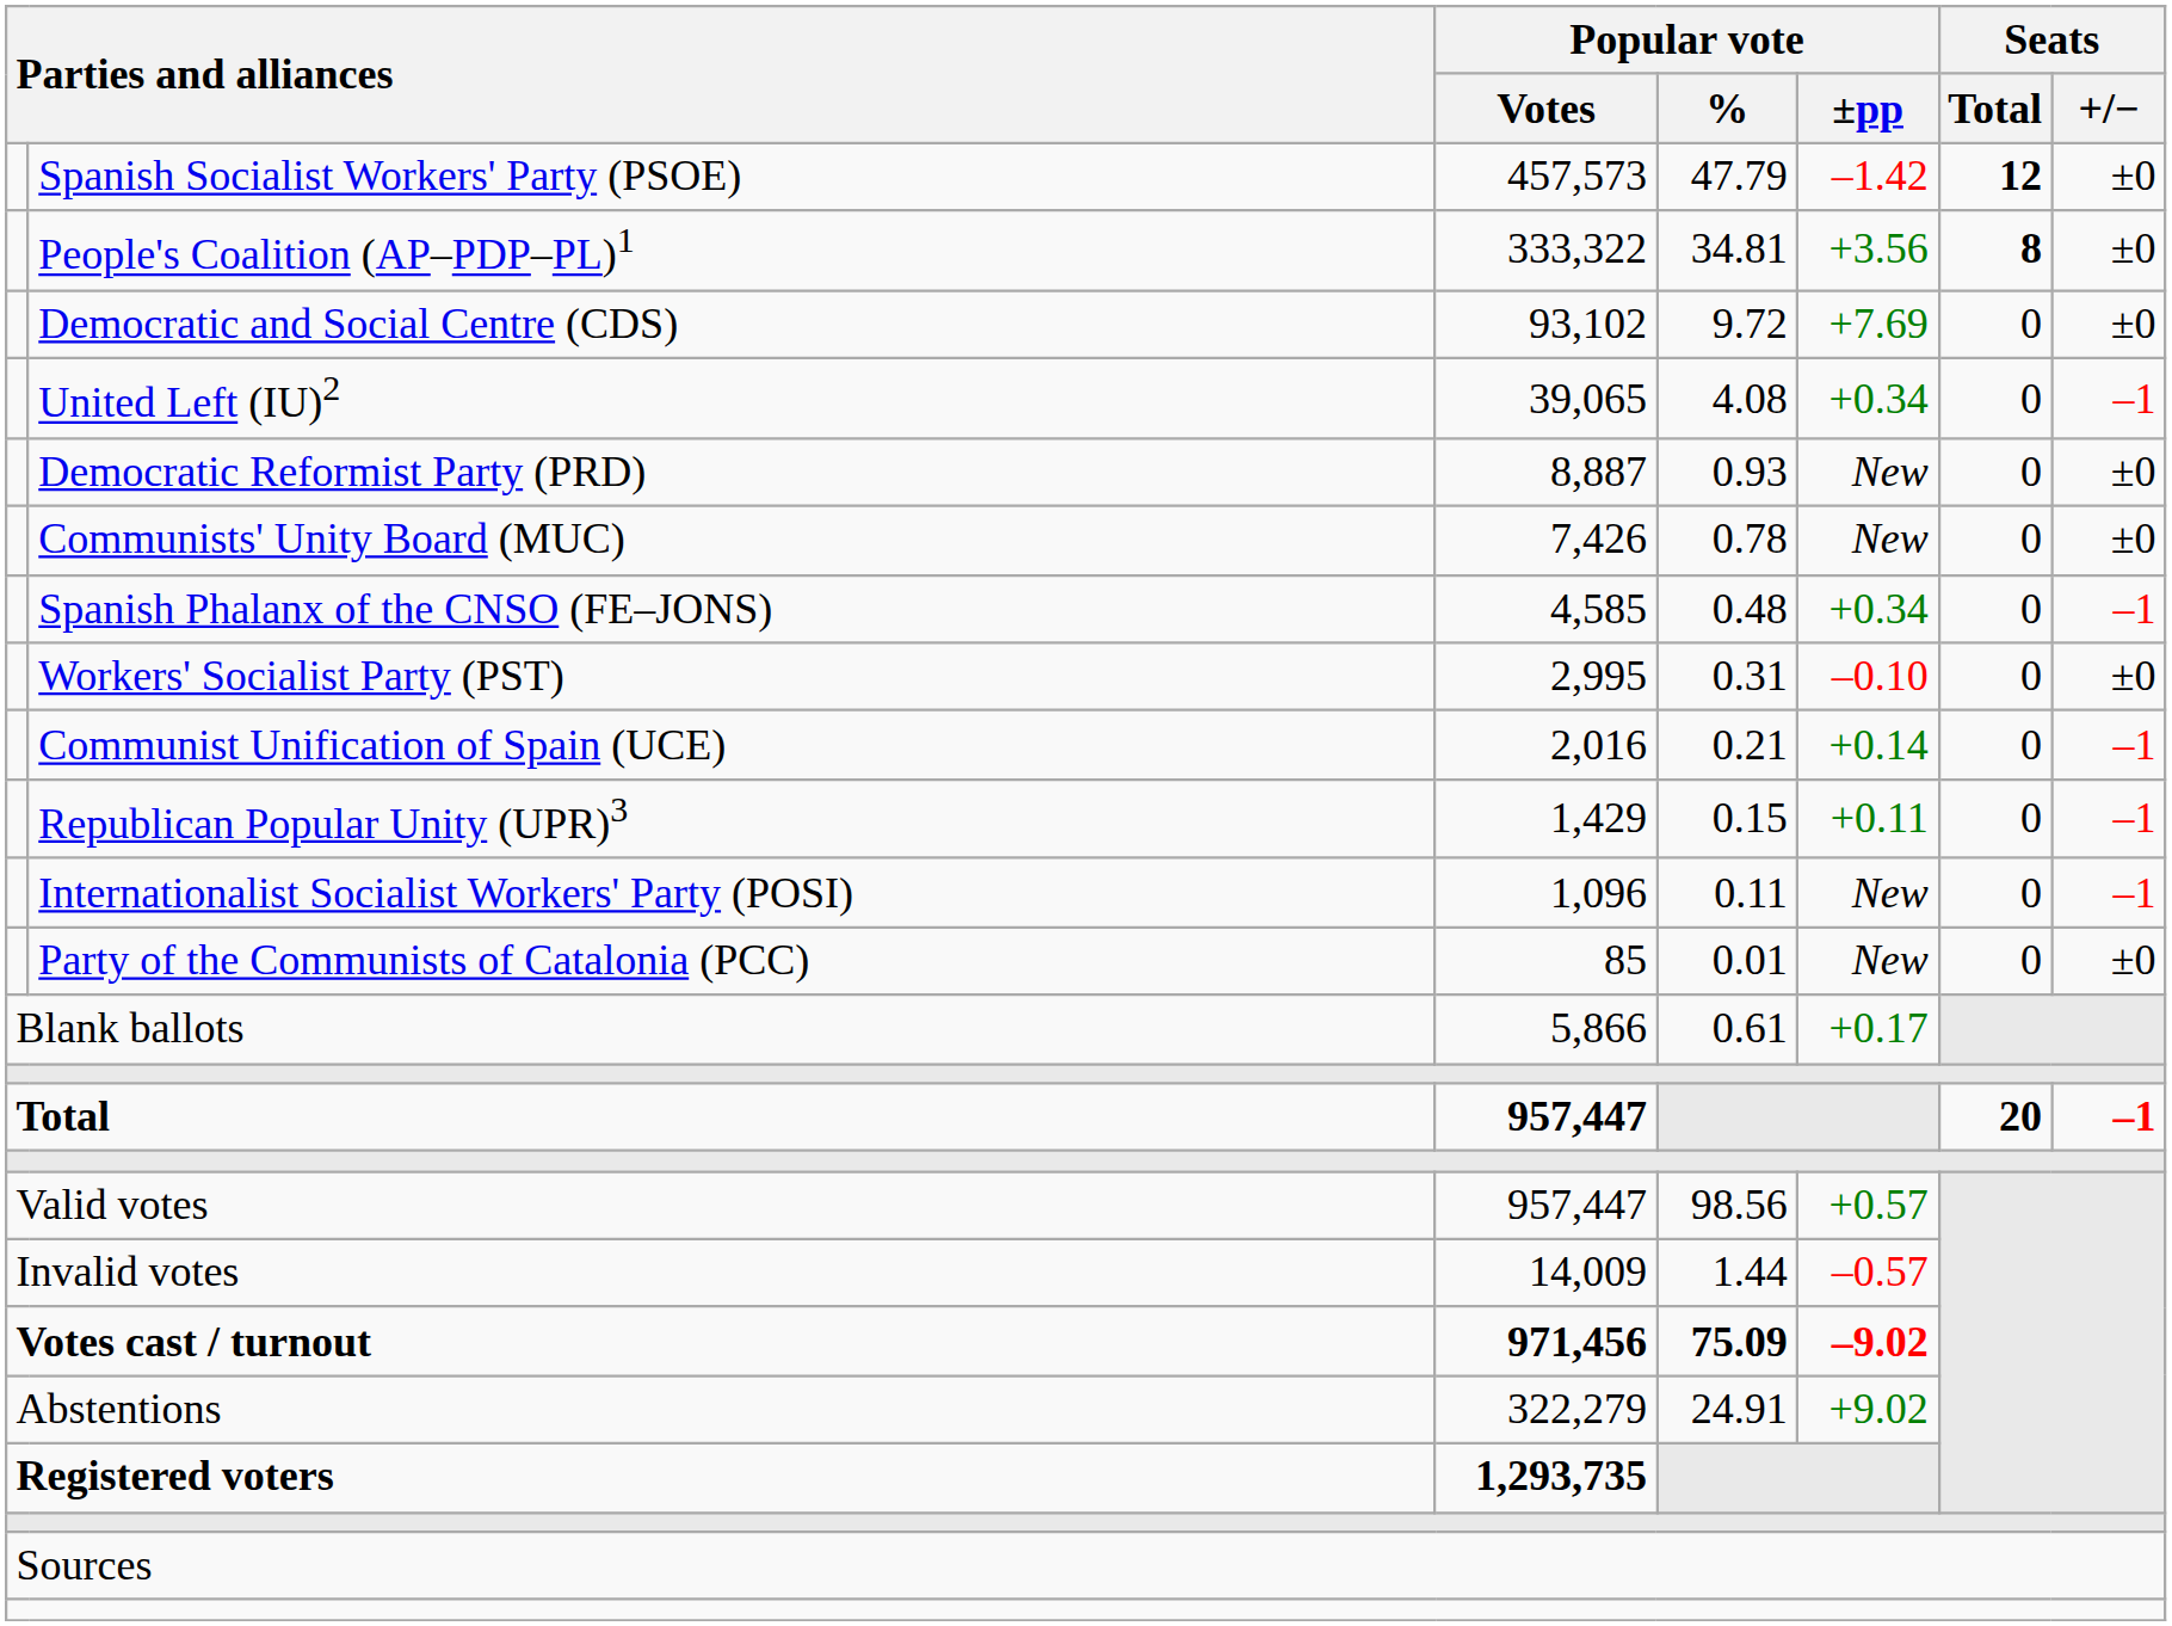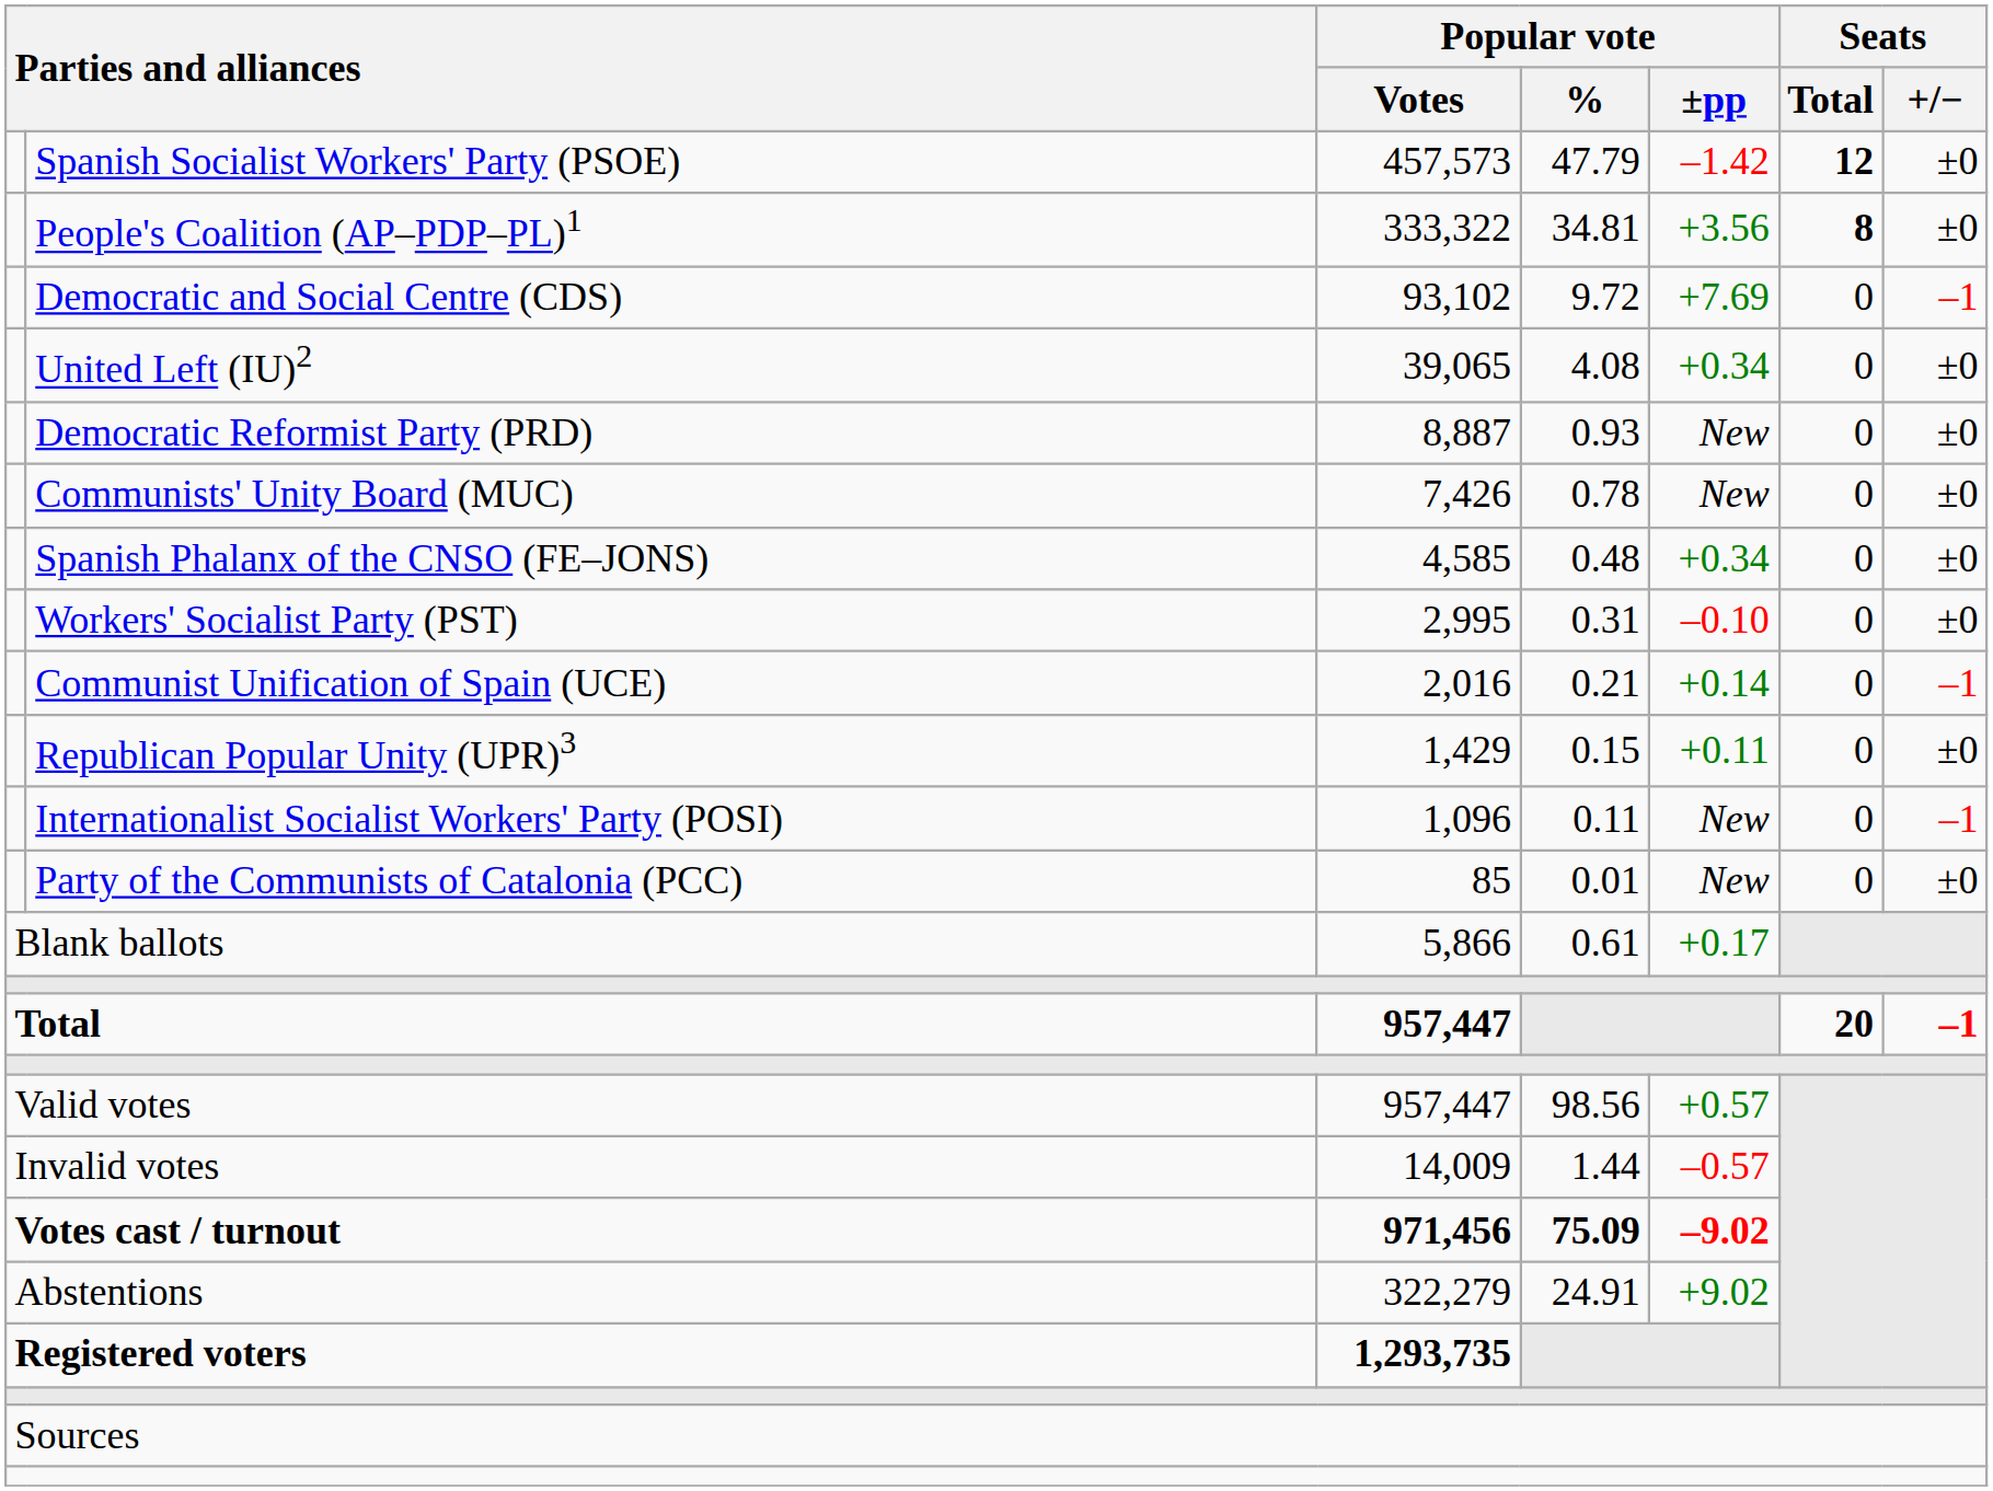 <table class="wikitable" style="text-align:right;">
 <tr>
 <th style="text-align:left;" rowspan="2" colspan="2" width="525">Parties and alliances</th>
 <th colspan="3">Popular vote</th>
 <th colspan="2">Seats</th>
 </tr>
 <tr>
 <th width="75">Votes</th>
 <th width="45">%</th>
 <th width="45">±<a href='#'>pp</a></th>
 <th width="35">Total</th>
 <th width="35">+/−</th>
 </tr>
 <tr>
 <td width="1" style="color:inherit;background:"></td>
 <td align="left"><a href='#'>Spanish Socialist Workers' Party</a> (PSOE)</td>
 <td>457,573</td>
 <td>47.79</td>
 <td style="color:red;">–1.42</td>
 <td><strong>12</strong></td>
 <td>±0</td>
 </tr>
 <tr>
 <td style="color:inherit;background:"></td>
 <td align="left"><a href='#'>People's Coalition</a> (<a href='#'>AP</a>–<a href='#'>PDP</a>–<a href='#'>PL</a>)<sup>1</sup></td>
 <td>333,322</td>
 <td>34.81</td>
 <td style="color:green;">+3.56</td>
 <td><strong>8</strong></td>
 <td>±0</td>
 </tr>
 <tr>
 <td style="color:inherit;background:"></td>
 <td align="left"><a href='#'>Democratic and Social Centre</a> (CDS)</td>
 <td>93,102</td>
 <td>9.72</td>
 <td style="color:green;">+7.69</td>
 <td>0</td>
-<td>±0</td>
+<td style="color:red;">–1</td>
 </tr>
 <tr>
 <td style="color:inherit;background:"></td>
 <td align="left"><a href='#'>United Left</a> (IU)<sup>2</sup></td>
 <td>39,065</td>
 <td>4.08</td>
 <td style="color:green;">+0.34</td>
 <td>0</td>
-<td style="color:red;">–1</td>
+<td>±0</td>
 </tr>
 <tr>
 <td style="color:inherit;background:"></td>
 <td align="left"><a href='#'>Democratic Reformist Party</a> (PRD)</td>
 <td>8,887</td>
 <td>0.93</td>
 <td><em>New</em></td>
 <td>0</td>
 <td>±0</td>
 </tr>
 <tr>
 <td style="color:inherit;background:"></td>
 <td align="left"><a href='#'>Communists' Unity Board</a> (MUC)</td>
 <td>7,426</td>
 <td>0.78</td>
 <td><em>New</em></td>
 <td>0</td>
 <td>±0</td>
 </tr>
 <tr>
 <td style="color:inherit;background:"></td>
 <td align="left"><a href='#'>Spanish Phalanx of the CNSO</a> (FE–JONS)</td>
 <td>4,585</td>
 <td>0.48</td>
 <td style="color:green;">+0.34</td>
 <td>0</td>
-<td style="color:red;">–1</td>
+<td>±0</td>
 </tr>
 <tr>
 <td style="color:inherit;background:"></td>
 <td align="left"><a href='#'>Workers' Socialist Party</a> (PST)</td>
 <td>2,995</td>
 <td>0.31</td>
 <td style="color:red;">–0.10</td>
 <td>0</td>
 <td>±0</td>
 </tr>
 <tr>
 <td style="color:inherit;background:"></td>
 <td align="left"><a href='#'>Communist Unification of Spain</a> (UCE)</td>
 <td>2,016</td>
 <td>0.21</td>
 <td style="color:green;">+0.14</td>
 <td>0</td>
 <td style="color:red;">–1</td>
 </tr>
 <tr>
 <td style="color:inherit;background:"></td>
 <td align="left"><a href='#'>Republican Popular Unity</a> (UPR)<sup>3</sup></td>
 <td>1,429</td>
 <td>0.15</td>
 <td style="color:green;">+0.11</td>
 <td>0</td>
-<td style="color:red;">–1</td>
+<td>±0</td>
 </tr>
 <tr>
 <td style="color:inherit;background:"></td>
 <td align="left"><a href='#'>Internationalist Socialist Workers' Party</a> (POSI)</td>
 <td>1,096</td>
 <td>0.11</td>
 <td><em>New</em></td>
 <td>0</td>
 <td style="color:red;">–1</td>
 </tr>
 <tr>
 <td style="color:inherit;background:"></td>
 <td align="left"><a href='#'>Party of the Communists of Catalonia</a> (PCC)</td>
 <td>85</td>
 <td>0.01</td>
 <td><em>New</em></td>
 <td>0</td>
 <td>±0</td>
 </tr>
 <tr>
 <td align="left" colspan="2">Blank ballots</td>
 <td>5,866</td>
 <td>0.61</td>
 <td style="color:green;">+0.17</td>
 <td bgcolor="#E9E9E9" colspan="2"></td>
 </tr>
 <tr>
 <td colspan="7" bgcolor="#E9E9E9"></td>
 </tr>
 <tr style="font-weight:bold;">
 <td align="left" colspan="2">Total</td>
 <td>957,447</td>
 <td bgcolor="#E9E9E9" colspan="2"></td>
 <td>20</td>
 <td style="color:red;">–1</td>
 </tr>
 <tr>
 <td colspan="7" bgcolor="#E9E9E9"></td>
 </tr>
 <tr>
 <td align="left" colspan="2">Valid votes</td>
 <td>957,447</td>
 <td>98.56</td>
 <td style="color:green;">+0.57</td>
 <td bgcolor="#E9E9E9" colspan="2" rowspan="5"></td>
 </tr>
 <tr>
 <td align="left" colspan="2">Invalid votes</td>
 <td>14,009</td>
 <td>1.44</td>
 <td style="color:red;">–0.57</td>
 </tr>
 <tr style="font-weight:bold;">
 <td align="left" colspan="2">Votes cast / turnout</td>
 <td>971,456</td>
 <td>75.09</td>
 <td style="color:red;">–9.02</td>
 </tr>
 <tr>
 <td align="left" colspan="2">Abstentions</td>
 <td>322,279</td>
 <td>24.91</td>
 <td style="color:green;">+9.02</td>
 </tr>
 <tr style="font-weight:bold;">
 <td align="left" colspan="2">Registered voters</td>
 <td>1,293,735</td>
 <td bgcolor="#E9E9E9" colspan="2"></td>
 </tr>
 <tr>
 <td colspan="7" bgcolor="#E9E9E9"></td>
 </tr>
 <tr>
 <td align="left" colspan="7">Sources</td>
 </tr>
 <tr>
 <td colspan="7" style="text-align:left; max-width:790px;"></td>
 </tr>
 </table>
